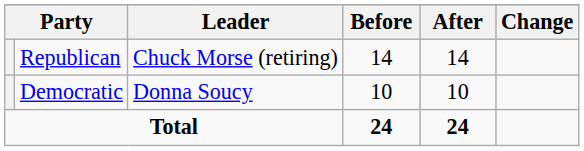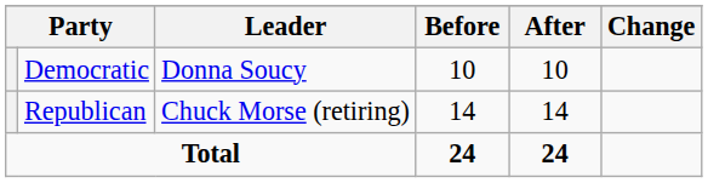 <table class="wikitable" style="text-align:center;">
 <tr>
 </tr>
 <tr>
 <th colspan=2>Party</th>
 <th>Leader</th>
 <th style="width:3em">Before</th>
 <th style="width:3em">After</th>
 <th style="width:3em">Change</th>
 </tr>
 <tr>
 <th style="background-color:"></th>
+<td style="text-align:left;"><a href='#'>Democratic</a></td>
+<td style="text-align:left;"><a href='#'>Donna Soucy</a></td>
+<td>10</td>
+<td>10</td>
+<td></td>
+</tr>
+<tr>
+<th style="background-color:"></th>
 <td style="text-align:left;"><a href='#'>Republican</a></td>
 <td style="text-align:left;"><a href='#'>Chuck Morse</a> (retiring)</td>
 <td>14</td>
 <td>14</td>
-<td></td>
-</tr>
-<tr>
-<th style="background-color:"></th>
-<td style="text-align:left;"><a href='#'>Democratic</a></td>
-<td style="text-align:left;"><a href='#'>Donna Soucy</a></td>
-<td>10</td>
-<td>10</td>
 <td></td>
 </tr>
 <tr>
 <td colspan=3><strong>Total</strong></td>
 <td><strong>24</strong></td>
 <td><strong>24</strong></td>
 <td></td>
 </tr>
 </table>
